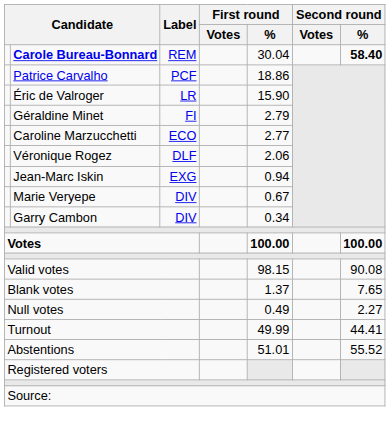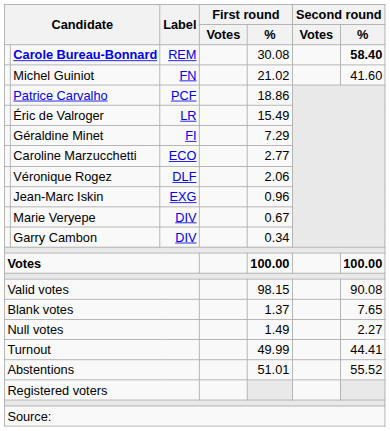 <table class="wikitable" style="text-align:right;font-size:95%;">
 <tr>
 <th rowspan="2" colspan="2">Candidate</th>
 <th rowspan="2">Label</th>
 <th colspan="2">First round</th>
 <th colspan="2">Second round</th>
 </tr>
 <tr>
 <th style="width:50px;">Votes</th>
 <th style="width:45px;">%</th>
 <th style="width:50px;">Votes</th>
 <th style="width:45px;">%</th>
 </tr>
 <tr>
 <td style="color:inherit;background:"></td>
 <td style="text-align:left;"><strong><a href='#'>Carole Bureau-Bonnard</a></strong></td>
 <td><a href='#'>REM</a></td>
 <td></td>
-<td>30.04</td>
+<td>30.08</td>
 <td><strong></strong></td>
 <td><strong>58.40</strong></td>
+</tr>
+<tr>
+<td style="color:inherit;background:"></td>
+<td style="text-align:left;">Michel Guiniot</td>
+<td><a href='#'>FN</a></td>
+<td></td>
+<td>21.02</td>
+<td></td>
+<td>41.60</td>
 </tr>
 <tr>
 <td style="color:inherit;background:"></td>
 <td style="text-align:left;"><a href='#'>Patrice Carvalho</a></td>
 <td><a href='#'>PCF</a></td>
 <td></td>
 <td>18.86</td>
 <td colspan="2" rowspan="8" style="background:#E9E9E9;"></td>
 </tr>
 <tr>
 <td style="color:inherit;background:"></td>
 <td style="text-align:left;">Éric de Valroger</td>
 <td><a href='#'>LR</a></td>
 <td></td>
-<td>15.90</td>
+<td>15.49</td>
 </tr>
 <tr>
 <td style="color:inherit;background:"></td>
 <td style="text-align:left;">Géraldine Minet</td>
 <td><a href='#'>FI</a></td>
 <td></td>
-<td>2.79</td>
+<td>7.29</td>
 </tr>
 <tr>
 <td style="color:inherit;background:"></td>
 <td style="text-align:left;">Caroline Marzucchetti</td>
 <td><a href='#'>ECO</a></td>
 <td></td>
 <td>2.77</td>
 </tr>
 <tr>
 <td style="color:inherit;background:"></td>
 <td style="text-align:left;">Véronique Rogez</td>
 <td><a href='#'>DLF</a></td>
 <td></td>
 <td>2.06</td>
 </tr>
 <tr>
 <td style="color:inherit;background:"></td>
 <td style="text-align:left;">Jean-Marc Iskin</td>
 <td><a href='#'>EXG</a></td>
 <td></td>
-<td>0.94</td>
+<td>0.96</td>
 </tr>
 <tr>
 <td style="color:inherit;background:"></td>
 <td style="text-align:left;">Marie Veryepe</td>
 <td><a href='#'>DIV</a></td>
 <td></td>
 <td>0.67</td>
 </tr>
 <tr>
 <td style="color:inherit;background:"></td>
 <td style="text-align:left;">Garry Cambon</td>
 <td><a href='#'>DIV</a></td>
 <td></td>
 <td>0.34</td>
 </tr>
 <tr>
 <td colspan="7" style="background:#E9E9E9;"></td>
 </tr>
 <tr style="font-weight:bold;">
 <td colspan="3" style="text-align:left;">Votes</td>
 <td></td>
 <td>100.00</td>
 <td></td>
 <td>100.00</td>
 </tr>
 <tr>
 <td colspan="7" style="background:#E9E9E9;"></td>
 </tr>
 <tr>
 <td colspan="3" style="text-align:left;">Valid votes</td>
 <td></td>
 <td>98.15</td>
 <td></td>
 <td>90.08</td>
 </tr>
 <tr>
 <td colspan="3" style="text-align:left;">Blank votes</td>
 <td></td>
 <td>1.37</td>
 <td></td>
 <td>7.65</td>
 </tr>
 <tr>
 <td colspan="3" style="text-align:left;">Null votes</td>
 <td></td>
-<td>0.49</td>
+<td>1.49</td>
 <td></td>
 <td>2.27</td>
 </tr>
 <tr>
 <td colspan="3" style="text-align:left;">Turnout</td>
 <td></td>
 <td>49.99</td>
 <td></td>
 <td>44.41</td>
 </tr>
 <tr>
 <td colspan="3" style="text-align:left;">Abstentions</td>
 <td></td>
 <td>51.01</td>
 <td></td>
 <td>55.52</td>
 </tr>
 <tr>
 <td colspan="3" style="text-align:left;">Registered voters</td>
 <td></td>
 <td style="background:#E9E9E9;"></td>
 <td></td>
 <td style="background:#E9E9E9;"></td>
 </tr>
 <tr>
 <td colspan="7" style="background:#E9E9E9;"></td>
 </tr>
 <tr>
 <td colspan="7" style="text-align:left;">Source: </td>
 </tr>
 </table>
